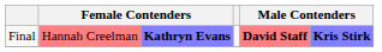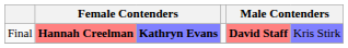 <table class="wikitable">
 <tr>
 <th></th>
 <th colspan=2>Female Contenders</th>
 <th></th>
 <th colspan=2>Male Contenders</th>
 </tr>
 <tr>
 <td>Final</td>
-<td bgcolor=#ff8080>Hannah Creelman</td>
+<td bgcolor=#ff8080><strong>Hannah Creelman</strong></td>
 <td bgcolor=#8080ff><strong>Kathryn Evans</strong></td>
 <td></td>
 <td bgcolor=#ff8080><strong>David Staff</strong></td>
-<td bgcolor=#8080ff><strong>Kris Stirk</strong></td>
+<td bgcolor=#8080ff>Kris Stirk</td>
 </tr>
 <tr>
 </tr>
 </table>
